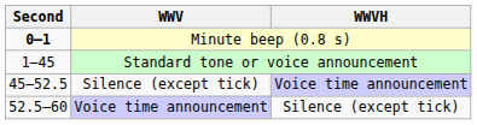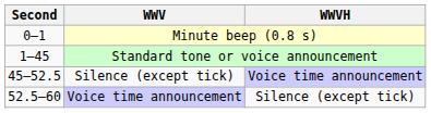 <table class="wikitable" style="text-align:center;">
 <tr>
 <th>Second</th>
 <th>WWV</th>
 <th>WWVH</th>
 </tr>
 <tr>
-<td><strong>0–1</strong></td>
+<td>0–1</td>
 <td colspan=2 style="background:#ffc">Minute beep (0.8 s)</td>
 </tr>
 <tr>
 <td>1–45</td>
 <td colspan=2 style="background:#cfc">Standard tone or voice announcement</td>
 </tr>
 <tr>
 <td>45–52.5</td>
 <td>Silence (except tick)</td>
 <td style="background:#ccf">Voice time announcement</td>
 </tr>
 <tr>
 <td>52.5–60</td>
 <td style="background:#ccf">Voice time announcement</td>
 <td>Silence (except tick)</td>
 </tr>
 </table>
